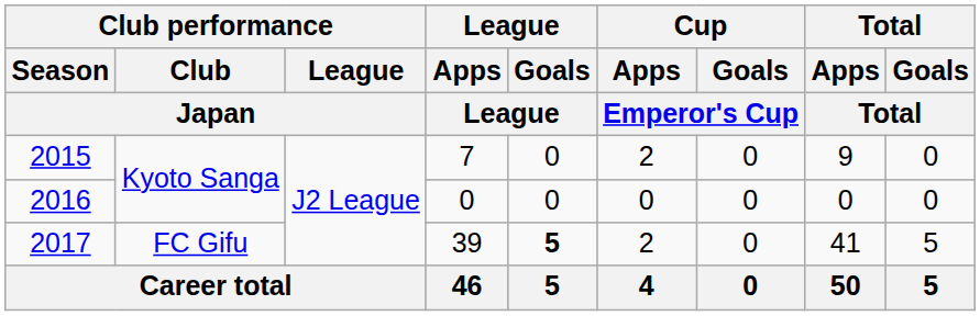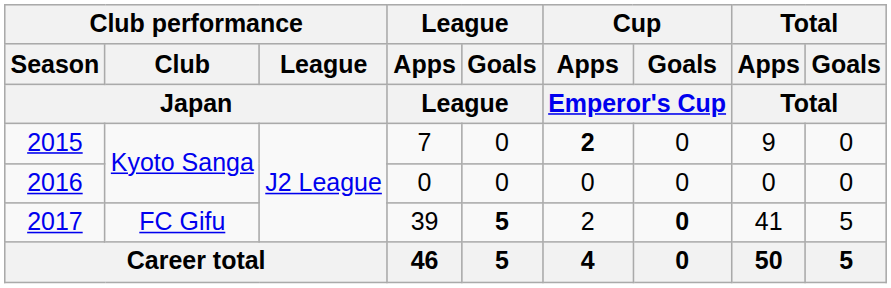 <table class="wikitable" style="text-align:center">
 <tr>
 <th colspan=3>Club performance</th>
 <th colspan=2>League</th>
 <th colspan=2>Cup</th>
 <th colspan=2>Total</th>
 </tr>
 <tr>
 <th>Season</th>
 <th>Club</th>
 <th>League</th>
 <th>Apps</th>
 <th>Goals</th>
 <th>Apps</th>
 <th>Goals</th>
 <th>Apps</th>
 <th>Goals</th>
 </tr>
 <tr>
 <th colspan=3>Japan</th>
 <th colspan=2>League</th>
 <th colspan=2><a href='#'>Emperor's Cup</a></th>
 <th colspan=2>Total</th>
 </tr>
 <tr>
 <td><a href='#'>2015</a></td>
 <td rowspan="2"><a href='#'>Kyoto Sanga</a></td>
 <td rowspan="3"><a href='#'>J2 League</a></td>
 <td>7</td>
 <td>0</td>
-<td>2</td>
+<td><strong>2</strong></td>
 <td>0</td>
 <td>9</td>
 <td>0</td>
 </tr>
 <tr>
 <td><a href='#'>2016</a></td>
 <td>0</td>
 <td>0</td>
 <td>0</td>
 <td>0</td>
 <td>0</td>
 <td>0</td>
 </tr>
 <tr>
 <td><a href='#'>2017</a></td>
 <td rowspan="1"><a href='#'>FC Gifu</a></td>
 <td>39</td>
 <td><strong>5</strong></td>
 <td>2</td>
-<td>0</td>
+<td><strong>0</strong></td>
 <td>41</td>
 <td>5</td>
 </tr>
 <tr>
 <th colspan=3>Career total</th>
 <th>46</th>
 <th>5</th>
 <th>4</th>
 <th>0</th>
 <th>50</th>
 <th>5</th>
 </tr>
 </table>
